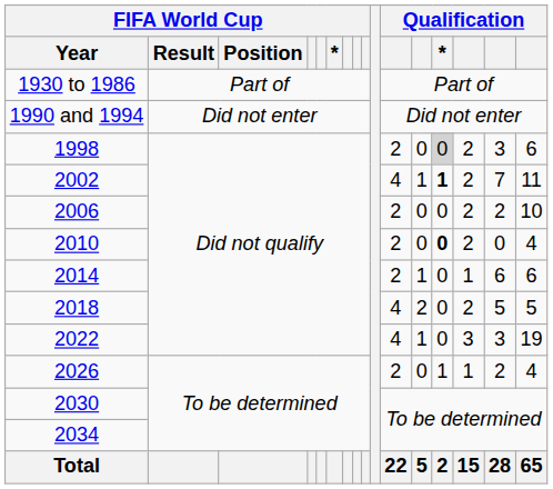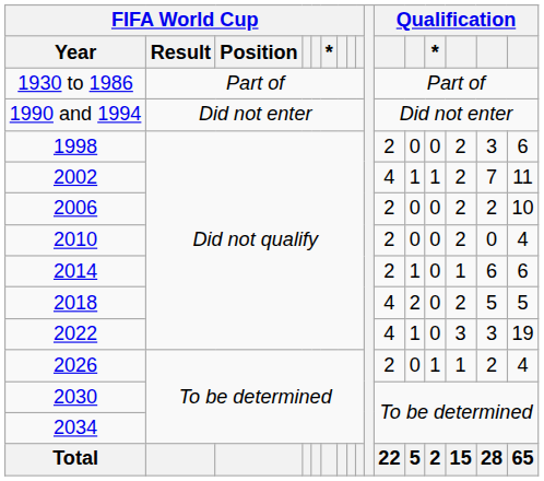 <table class="wikitable" style="text-align: center;">
 <tr>
 <th colspan=9><a href='#'>FIFA World Cup</a></th>
 <th rowspan=28></th>
 <th colspan=6><a href='#'>Qualification</a></th>
 </tr>
 <tr>
 <th>Year</th>
 <th>Result</th>
 <th>Position</th>
 <th></th>
 <th></th>
 <th>*</th>
 <th></th>
 <th></th>
 <th></th>
 <th></th>
 <th></th>
 <th>*</th>
 <th></th>
 <th></th>
 <th></th>
 </tr>
 <tr>
 <td><a href='#'>1930</a> to <a href='#'>1986</a></td>
 <td colspan=8><em>Part of </em></td>
 <td colspan=6><em>Part of </em></td>
 </tr>
 <tr>
 <td><a href='#'>1990</a> and <a href='#'>1994</a></td>
 <td colspan=8><em>Did not enter</em></td>
 <td colspan=6><em>Did not enter</em></td>
 </tr>
 <tr>
 <td> <a href='#'>1998</a></td>
 <td colspan=8 rowspan=7><em>Did not qualify</em></td>
 <td>2</td>
 <td>0</td>
-<td style="background: lightgrey;">0</td>
+<td>0</td>
 <td>2</td>
 <td>3</td>
 <td>6</td>
 </tr>
 <tr>
 <td>  <a href='#'>2002</a></td>
 <td>4</td>
 <td>1</td>
-<td><strong>1</strong></td>
+<td>1</td>
 <td>2</td>
 <td>7</td>
 <td>11</td>
 </tr>
 <tr>
 <td> <a href='#'>2006</a></td>
 <td>2</td>
 <td>0</td>
 <td>0</td>
 <td>2</td>
 <td>2</td>
 <td>10</td>
 </tr>
 <tr>
 <td> <a href='#'>2010</a></td>
 <td>2</td>
 <td>0</td>
-<td><strong>0</strong></td>
+<td>0</td>
 <td>2</td>
 <td>0</td>
 <td>4</td>
 </tr>
 <tr>
 <td> <a href='#'>2014</a></td>
 <td>2</td>
 <td>1</td>
 <td>0</td>
 <td>1</td>
 <td>6</td>
 <td>6</td>
 </tr>
 <tr>
 <td> <a href='#'>2018</a></td>
 <td>4</td>
 <td>2</td>
 <td>0</td>
 <td>2</td>
 <td>5</td>
 <td>5</td>
 </tr>
 <tr>
 <td> <a href='#'>2022</a></td>
 <td>4</td>
 <td>1</td>
 <td>0</td>
 <td>3</td>
 <td>3</td>
 <td>19</td>
 </tr>
 <tr>
 <td>   <a href='#'>2026</a></td>
 <td colspan=8 rowspan=3><em>To be determined</em></td>
 <td>2</td>
 <td>0</td>
 <td>1</td>
 <td>1</td>
 <td>2</td>
 <td>4</td>
 </tr>
 <tr>
 <td>   <a href='#'>2030</a></td>
 <td colspan=6 rowspan=2><em>To be determined</em></td>
 </tr>
 <tr>
 <td> <a href='#'>2034</a></td>
 </tr>
 <tr>
 <th>Total</th>
 <th></th>
 <th></th>
 <th></th>
 <th></th>
 <th></th>
 <th></th>
 <th></th>
 <th></th>
 <th>22</th>
 <th>5</th>
 <th>2</th>
 <th>15</th>
 <th>28</th>
 <th>65</th>
 </tr>
 </table>
